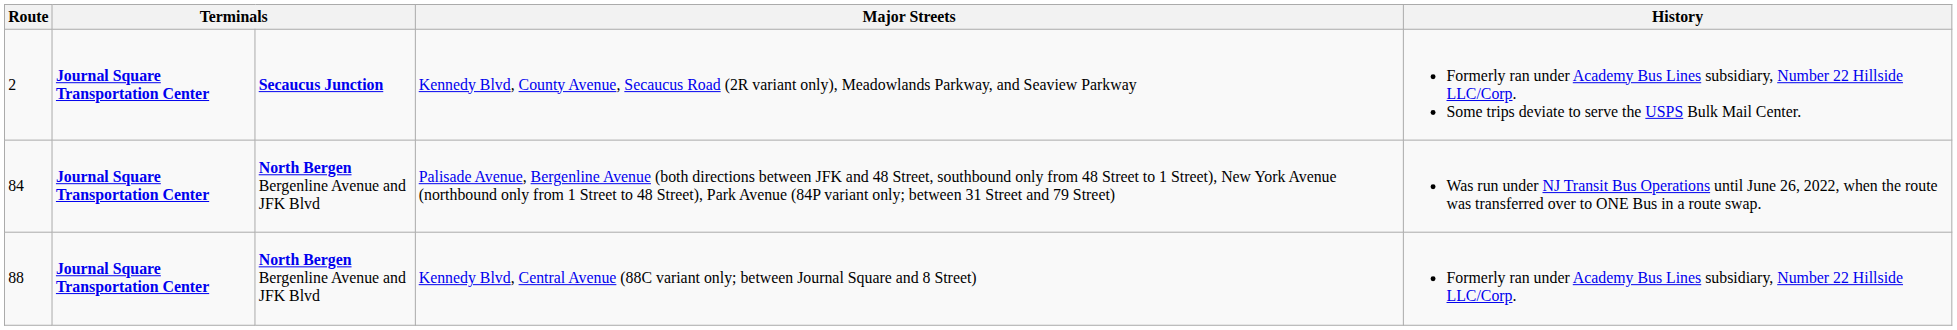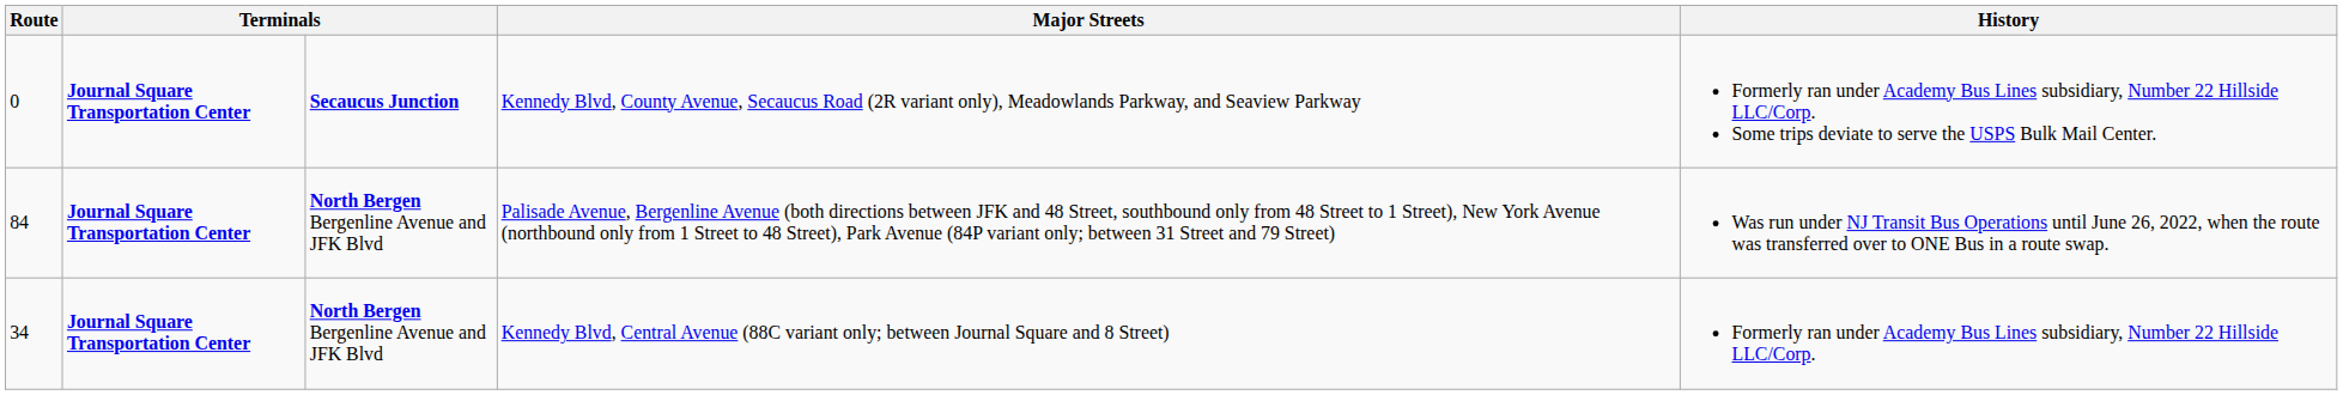 <table class="wikitable">
 <tr>
 <th>Route</th>
 <th colspan="2">Terminals</th>
 <th>Major Streets</th>
 <th>History</th>
 </tr>
 <tr>
-<td>2</td>
+<td>0</td>
 <td><strong><a href='#'>Journal Square Transportation Center</a></strong></td>
 <td><strong><a href='#'>Secaucus Junction</a></strong></td>
 <td><a href='#'>Kennedy Blvd</a>, <a href='#'>County Avenue</a>, <a href='#'>Secaucus Road</a> (2R variant only), Meadowlands Parkway, and Seaview Parkway</td>
 <td><br><ul><li>Formerly ran under <a href='#'>Academy Bus Lines</a> subsidiary, <a href='#'>Number 22 Hillside LLC/Corp</a>.</li><li>Some trips deviate to serve the <a href='#'>USPS</a> Bulk Mail Center.</li></ul></td>
 </tr>
 <tr>
 <td>84</td>
 <td><strong><a href='#'>Journal Square Transportation Center</a></strong></td>
 <td><a href='#'><strong>North Bergen</strong></a><br>Bergenline Avenue and JFK Blvd</td>
 <td><a href='#'>Palisade Avenue</a>, <a href='#'>Bergenline Avenue</a> (both directions between JFK and 48 Street, southbound only from 48 Street to 1 Street), New York Avenue (northbound only from 1 Street to 48 Street), Park Avenue (84P variant only; between 31 Street and 79 Street)</td>
 <td><br><ul><li>Was run under <a href='#'>NJ Transit Bus Operations</a> until June 26, 2022, when the route was transferred over to ONE Bus in a route swap.</li></ul></td>
 </tr>
 <tr>
-<td>88</td>
+<td>34</td>
 <td><strong><a href='#'>Journal Square Transportation Center</a></strong></td>
 <td><a href='#'><strong>North Bergen</strong></a><br>Bergenline Avenue and JFK Blvd</td>
 <td><a href='#'>Kennedy Blvd</a>, <a href='#'>Central Avenue</a> (88C variant only; between Journal Square and 8 Street)</td>
 <td><br><ul><li>Formerly ran under <a href='#'>Academy Bus Lines</a> subsidiary, <a href='#'>Number 22 Hillside LLC/Corp</a>.</li></ul></td>
 </tr>
 </table>
